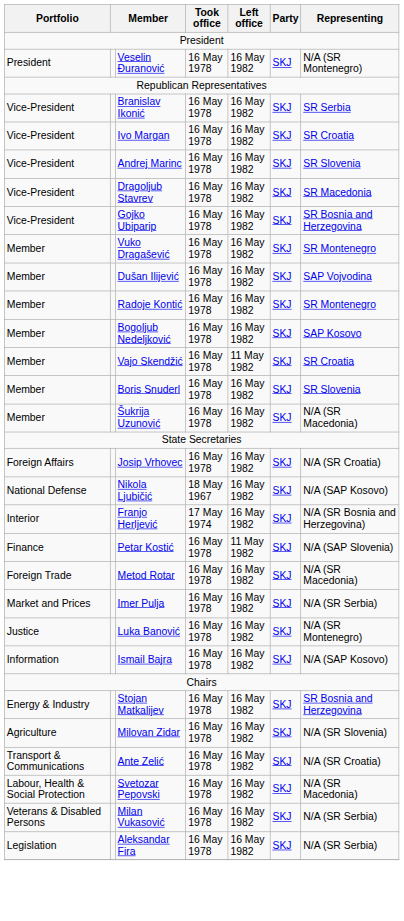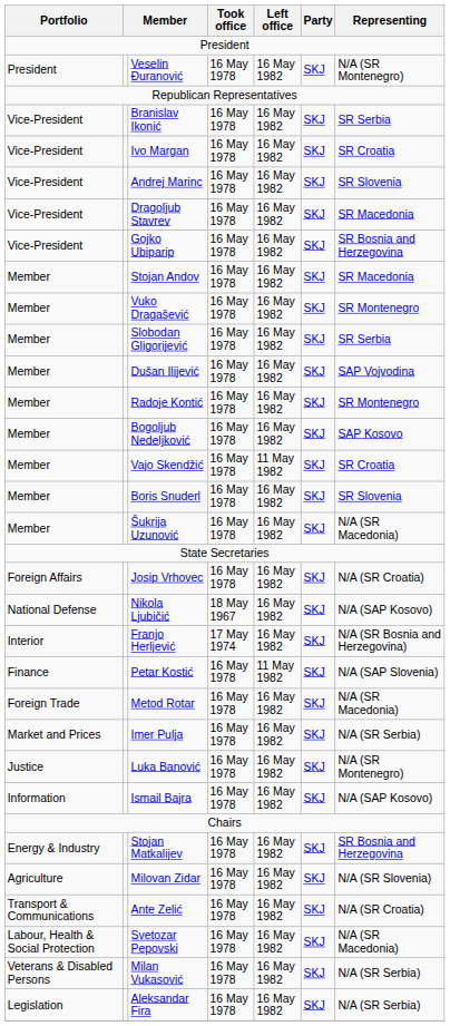 <table class="wikitable">
 <tr>
 <th style="text-align: center;">Portfolio</th>
 <th colspan="2" style="text-align: center;">Member</th>
 <th style="text-align: center;">Took office</th>
 <th style="text-align: center;">Left office</th>
 <th style="text-align: center;">Party</th>
 <th style="text-align: center;">Representing</th>
 </tr>
 <tr>
 <td colspan="7" style="text-align: center;">President</td>
 </tr>
 <tr>
 <td>President</td>
 <td style="background:"></td>
 <td><a href='#'>Veselin Đuranović</a></td>
 <td>16 May 1978</td>
 <td>16 May 1982</td>
 <td><a href='#'>SKJ</a></td>
 <td>N/A (SR Montenegro)</td>
 </tr>
 <tr>
 <td colspan="7" style="text-align: center;">Republican Representatives</td>
 </tr>
 <tr>
 <td>Vice-President</td>
 <td style="background:"></td>
 <td><a href='#'>Branislav Ikonić</a></td>
 <td>16 May 1978</td>
 <td>16 May 1982</td>
 <td><a href='#'>SKJ</a></td>
 <td><a href='#'>SR Serbia</a></td>
 </tr>
 <tr>
 <td>Vice-President</td>
 <td style="background:"></td>
 <td><a href='#'>Ivo Margan</a></td>
 <td>16 May 1978</td>
 <td>16 May 1982</td>
 <td><a href='#'>SKJ</a></td>
 <td><a href='#'>SR Croatia</a></td>
 </tr>
 <tr>
 <td>Vice-President</td>
 <td style="background:"></td>
 <td><a href='#'>Andrej Marinc</a></td>
 <td>16 May 1978</td>
 <td>16 May 1982</td>
 <td><a href='#'>SKJ</a></td>
 <td><a href='#'>SR Slovenia</a></td>
 </tr>
 <tr>
 <td>Vice-President</td>
 <td style="background:"></td>
 <td><a href='#'>Dragoljub Stavrev</a></td>
 <td>16 May 1978</td>
 <td>16 May 1982</td>
 <td><a href='#'>SKJ</a></td>
 <td><a href='#'>SR Macedonia</a></td>
 </tr>
 <tr>
 <td>Vice-President</td>
 <td style="background:"></td>
 <td><a href='#'>Gojko Ubiparip</a></td>
 <td>16 May 1978</td>
 <td>16 May 1982</td>
 <td><a href='#'>SKJ</a></td>
 <td><a href='#'>SR Bosnia and Herzegovina</a></td>
 </tr>
 <tr>
 <td>Member</td>
 <td style="background:"></td>
+<td><a href='#'>Stojan Andov</a></td>
+<td>16 May 1978</td>
+<td>16 May 1982</td>
+<td><a href='#'>SKJ</a></td>
+<td><a href='#'>SR Macedonia</a></td>
+</tr>
+<tr>
+<td>Member</td>
+<td style="background:"></td>
 <td><a href='#'>Vuko Dragašević</a></td>
 <td>16 May 1978</td>
 <td>16 May 1982</td>
 <td><a href='#'>SKJ</a></td>
 <td><a href='#'>SR Montenegro</a></td>
+</tr>
+<tr>
+<td>Member</td>
+<td style="background:"></td>
+<td><a href='#'>Slobodan Gligorijević</a></td>
+<td>16 May 1978</td>
+<td>16 May 1982</td>
+<td><a href='#'>SKJ</a></td>
+<td><a href='#'>SR Serbia</a></td>
 </tr>
 <tr>
 <td>Member</td>
 <td style="background:"></td>
 <td><a href='#'>Dušan Ilijević</a></td>
 <td>16 May 1978</td>
 <td>16 May 1982</td>
 <td><a href='#'>SKJ</a></td>
 <td><a href='#'>SAP Vojvodina</a></td>
 </tr>
 <tr>
 <td>Member</td>
 <td style="background:"></td>
 <td><a href='#'>Radoje Kontić</a></td>
 <td>16 May 1978</td>
 <td>16 May 1982</td>
 <td><a href='#'>SKJ</a></td>
 <td><a href='#'>SR Montenegro</a></td>
 </tr>
 <tr>
 <td>Member</td>
 <td style="background:"></td>
 <td><a href='#'>Bogoljub Nedeljković</a></td>
 <td>16 May 1978</td>
 <td>16 May 1982</td>
 <td><a href='#'>SKJ</a></td>
 <td><a href='#'>SAP Kosovo</a></td>
 </tr>
 <tr>
 <td>Member</td>
 <td style="background:"></td>
 <td><a href='#'>Vajo Skendžić</a></td>
 <td>16 May 1978</td>
 <td>11 May 1982</td>
 <td><a href='#'>SKJ</a></td>
 <td><a href='#'>SR Croatia</a></td>
 </tr>
 <tr>
 <td>Member</td>
 <td style="background:"></td>
 <td><a href='#'>Boris Snuderl</a></td>
 <td>16 May 1978</td>
 <td>16 May 1982</td>
 <td><a href='#'>SKJ</a></td>
 <td><a href='#'>SR Slovenia</a></td>
 </tr>
 <tr>
 <td>Member</td>
 <td style="background:"></td>
 <td><a href='#'>Šukrija Uzunović</a></td>
 <td>16 May 1978</td>
 <td>16 May 1982</td>
 <td><a href='#'>SKJ</a></td>
 <td>N/A (SR Macedonia)</td>
 </tr>
 <tr>
 <td colspan="7" style="text-align: center;">State Secretaries</td>
 </tr>
 <tr>
 <td>Foreign Affairs</td>
 <td style="background:"></td>
 <td><a href='#'>Josip Vrhovec</a></td>
 <td>16 May 1978</td>
 <td>16 May 1982</td>
 <td><a href='#'>SKJ</a></td>
 <td>N/A (SR Croatia)</td>
 </tr>
 <tr>
 <td>National Defense</td>
 <td style="background:"></td>
 <td><a href='#'>Nikola Ljubičić</a></td>
 <td>18 May 1967</td>
 <td>16 May 1982</td>
 <td><a href='#'>SKJ</a></td>
 <td>N/A (SAP Kosovo)</td>
 </tr>
 <tr>
 <td>Interior</td>
 <td style="background:"></td>
 <td><a href='#'>Franjo Herljević</a></td>
 <td>17 May 1974</td>
 <td>16 May 1982</td>
 <td><a href='#'>SKJ</a></td>
 <td>N/A (SR Bosnia and Herzegovina)</td>
 </tr>
 <tr>
 <td>Finance</td>
 <td style="background:"></td>
 <td><a href='#'>Petar Kostić</a></td>
 <td>16 May 1978</td>
 <td>11 May 1982</td>
 <td><a href='#'>SKJ</a></td>
 <td>N/A (SAP Slovenia)</td>
 </tr>
 <tr>
 <td>Foreign Trade</td>
 <td style="background:"></td>
 <td><a href='#'>Metod Rotar</a></td>
 <td>16 May 1978</td>
 <td>16 May 1982</td>
 <td><a href='#'>SKJ</a></td>
 <td>N/A (SR Macedonia)</td>
 </tr>
 <tr>
 <td>Market and Prices</td>
 <td style="background:"></td>
 <td><a href='#'>Imer Pulja</a></td>
 <td>16 May 1978</td>
 <td>16 May 1982</td>
 <td><a href='#'>SKJ</a></td>
 <td>N/A (SR Serbia)</td>
 </tr>
 <tr>
 <td>Justice</td>
 <td style="background:"></td>
 <td><a href='#'>Luka Banović</a></td>
 <td>16 May 1978</td>
 <td>16 May 1982</td>
 <td><a href='#'>SKJ</a></td>
 <td>N/A (SR Montenegro)</td>
 </tr>
 <tr>
 <td>Information</td>
 <td style="background:"></td>
 <td><a href='#'>Ismail Bajra</a></td>
 <td>16 May 1978</td>
 <td>16 May 1982</td>
 <td><a href='#'>SKJ</a></td>
 <td>N/A (SAP Kosovo)</td>
 </tr>
 <tr>
 <td colspan="7" style="text-align: center;">Chairs</td>
 </tr>
 <tr>
 <td>Energy & Industry</td>
 <td style="background:"></td>
 <td><a href='#'>Stojan Matkalijev</a></td>
 <td>16 May 1978</td>
 <td>16 May 1982</td>
 <td><a href='#'>SKJ</a></td>
 <td><a href='#'>SR Bosnia and Herzegovina</a></td>
 </tr>
 <tr>
 <td>Agriculture</td>
 <td style="background:"></td>
 <td><a href='#'>Milovan Zidar</a></td>
 <td>16 May 1978</td>
 <td>16 May 1982</td>
 <td><a href='#'>SKJ</a></td>
 <td>N/A (SR Slovenia)</td>
 </tr>
 <tr>
 <td>Transport & Communications</td>
 <td style="background:"></td>
 <td><a href='#'>Ante Zelić</a></td>
 <td>16 May 1978</td>
 <td>16 May 1982</td>
 <td><a href='#'>SKJ</a></td>
 <td>N/A (SR Croatia)</td>
 </tr>
 <tr>
 <td>Labour, Health & Social Protection</td>
 <td style="background:"></td>
 <td><a href='#'>Svetozar Pepovski</a></td>
 <td>16 May 1978</td>
 <td>16 May 1982</td>
 <td><a href='#'>SKJ</a></td>
 <td>N/A (SR Macedonia)</td>
 </tr>
 <tr>
 <td>Veterans & Disabled Persons</td>
 <td style="background:"></td>
 <td><a href='#'>Milan Vukasović</a></td>
 <td>16 May 1978</td>
 <td>16 May 1982</td>
 <td><a href='#'>SKJ</a></td>
 <td>N/A (SR Serbia)</td>
 </tr>
 <tr>
 <td>Legislation</td>
 <td style="background:"></td>
 <td><a href='#'>Aleksandar Fira</a></td>
 <td>16 May 1978</td>
 <td>16 May 1982</td>
 <td><a href='#'>SKJ</a></td>
 <td>N/A (SR Serbia)</td>
 </tr>
 <tr>
 </tr>
 </table>
